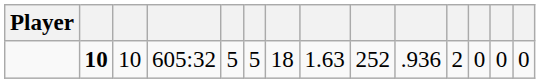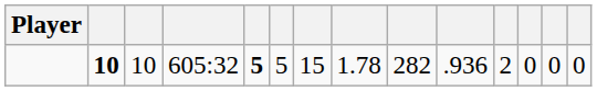 <table class="wikitable sortable" style="text-align:center;">
 <tr>
 <th>Player</th>
 <th></th>
 <th></th>
 <th></th>
 <th></th>
 <th></th>
 <th></th>
 <th></th>
 <th></th>
 <th></th>
 <th></th>
 <th></th>
 <th></th>
 <th></th>
 </tr>
 <tr>
 <td></td>
 <td><strong>10</strong></td>
 <td>10</td>
 <td>605:32</td>
+<td><strong>5</strong></td>
 <td>5</td>
-<td>5</td>
-<td>18</td>
-<td>1.63</td>
-<td>252</td>
+<td>15</td>
+<td>1.78</td>
+<td>282</td>
 <td>.936</td>
 <td>2</td>
 <td>0</td>
 <td>0</td>
 <td>0</td>
 </tr>
 </table>
